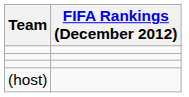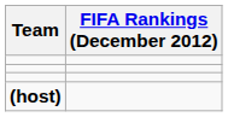 <table class="wikitable sortable" style="text-align: left;">
 <tr>
 <th>Team</th>
 <th><a href='#'>FIFA Rankings</a><br>(December 2012)</th>
 </tr>
 <tr>
 <td></td>
 <td></td>
 </tr>
 <tr>
 <td></td>
 <td></td>
 </tr>
 <tr>
 <td></td>
 <td></td>
 </tr>
 <tr>
-<td> (host)</td>
+<td><strong> (host)</strong></td>
 <td></td>
 </tr>
 </table>
